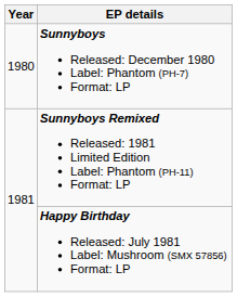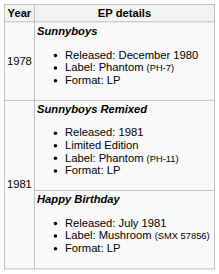 <table class="wikitable" border="1">
 <tr>
 <th width="35px">Year</th>
 <th width="250px">EP details</th>
 </tr>
 <tr>
-<td>1980</td>
+<td>1978</td>
 <td><strong><em>Sunnyboys</em></strong><br><ul><li>Released: December 1980</li><li>Label: Phantom <small>(PH-7)</small></li><li>Format: LP</li></ul></td>
 </tr>
 <tr>
 <td rowspan="2">1981</td>
 <td><strong><em>Sunnyboys Remixed</em></strong><br><ul><li>Released: 1981</li><li>Limited Edition</li><li>Label: Phantom <small>(PH-11)</small></li><li>Format: LP</li></ul></td>
 </tr>
 <tr>
 <td><strong><em>Happy Birthday</em></strong><br><ul><li>Released: July 1981</li><li>Label: Mushroom <small>(SMX 57856)</small></li><li>Format: LP</li></ul></td>
 </tr>
 </table>
